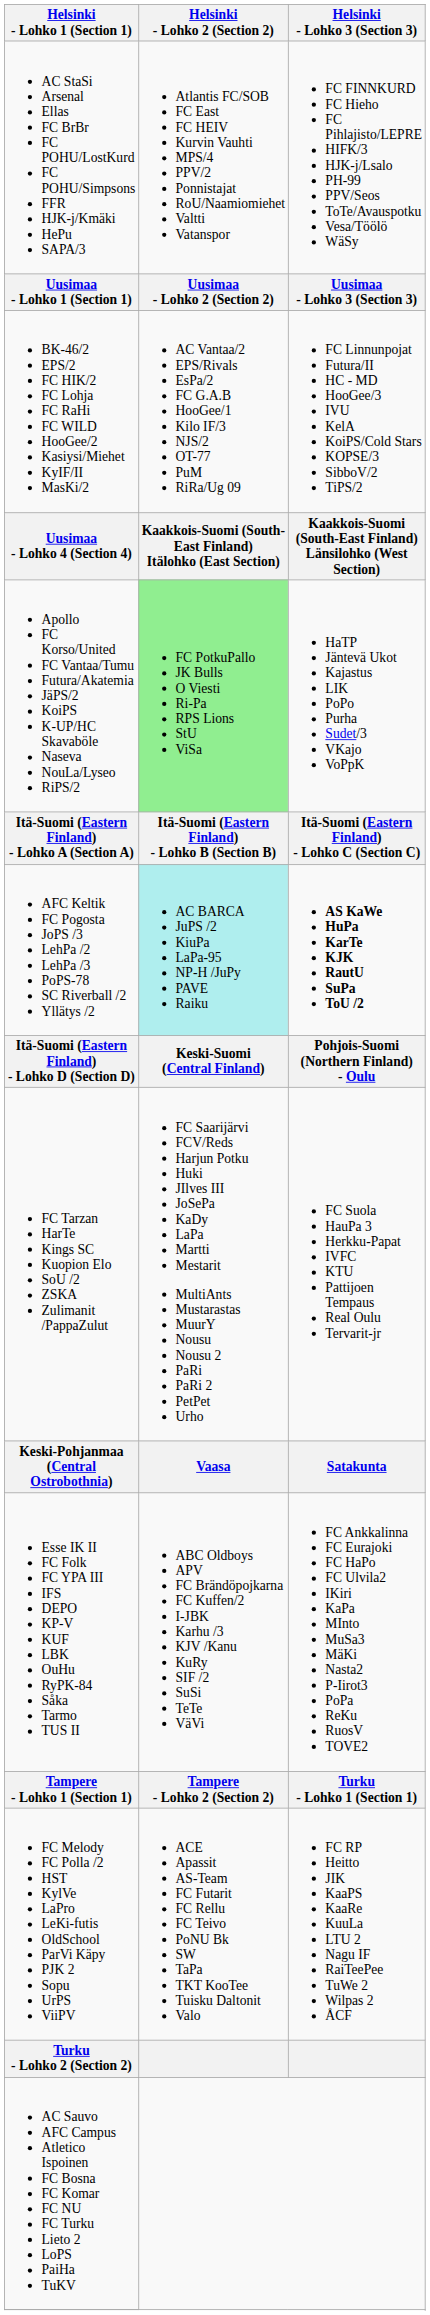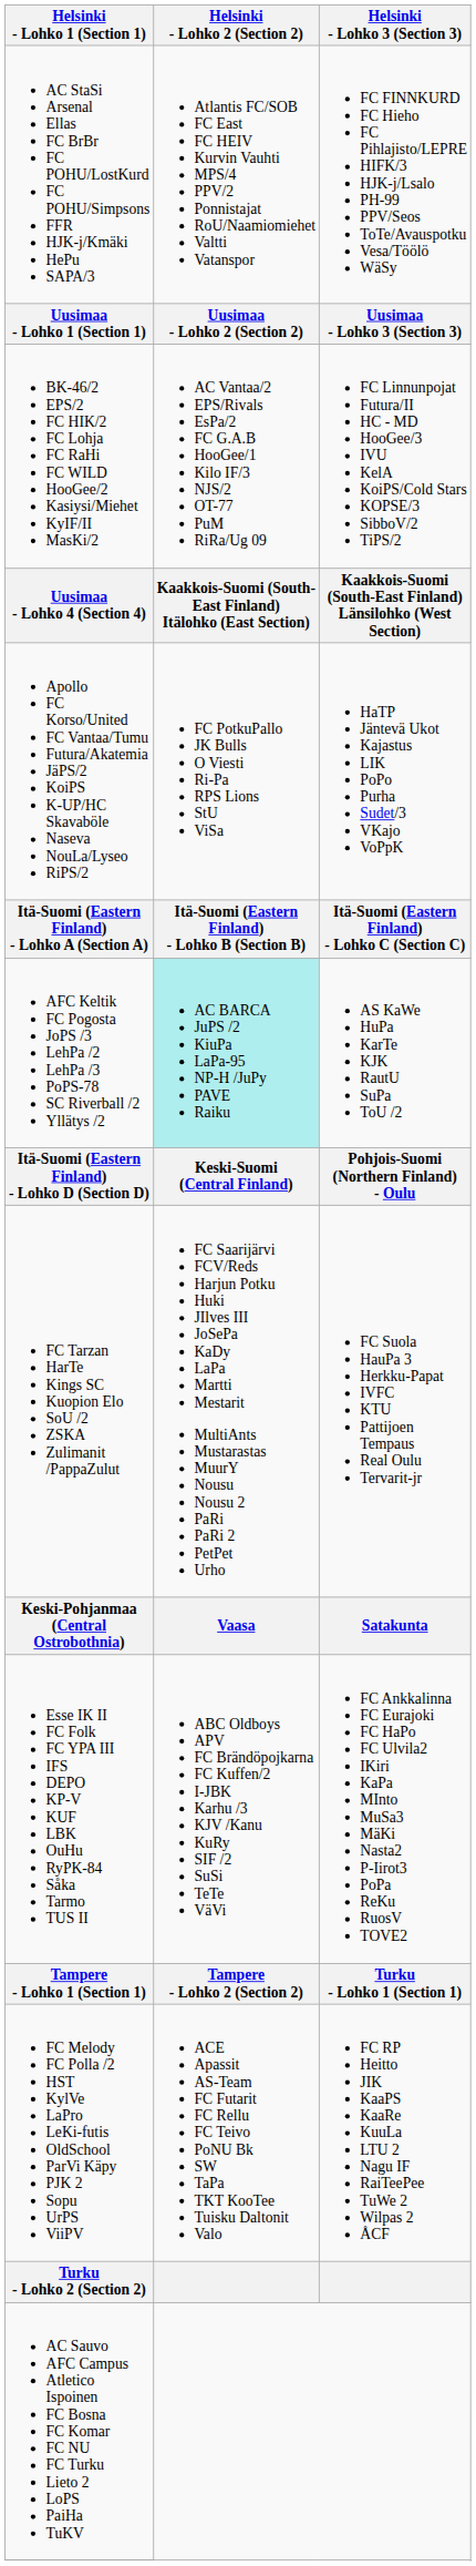 <table class="wikitable" width=24%>
 <tr>
 <th width=33%><strong><a href='#'>Helsinki</a></strong><br><strong> - Lohko 1 (Section 1)</strong></th>
 <th width=33%><strong><a href='#'>Helsinki</a></strong><br><strong> - Lohko 2 (Section 2)</strong></th>
 <th width=33%><strong><a href='#'>Helsinki</a></strong><br><strong> - Lohko 3 (Section 3)</strong></th>
 </tr>
 <tr>
 <td><br><ul><li>AC StaSi</li><li>Arsenal</li><li>Ellas</li><li>FC BrBr</li><li>FC POHU/LostKurd</li><li>FC POHU/Simpsons</li><li>FFR</li><li>HJK-j/Kmäki</li><li>HePu</li><li>SAPA/3</li></ul></td>
 <td><br><ul><li>Atlantis FC/SOB</li><li>FC East</li><li>FC HEIV</li><li>Kurvin Vauhti</li><li>MPS/4</li><li>PPV/2</li><li>Ponnistajat</li><li>RoU/Naamiomiehet</li><li>Valtti</li><li>Vatanspor</li></ul></td>
 <td><br><ul><li>FC FINNKURD</li><li>FC Hieho</li><li>FC Pihlajisto/LEPRE</li><li>HIFK/3</li><li>HJK-j/Lsalo</li><li>PH-99</li><li>PPV/Seos</li><li>ToTe/Avauspotku</li><li>Vesa/Töölö</li><li>WäSy</li></ul></td>
 </tr>
 <tr>
 <th width=33%><strong><a href='#'>Uusimaa</a></strong><br><strong> - Lohko 1 (Section 1)</strong></th>
 <th width=33%><strong><a href='#'>Uusimaa</a></strong><br><strong> - Lohko 2 (Section 2)</strong></th>
 <th width=33%><strong><a href='#'>Uusimaa</a></strong><br><strong> - Lohko 3 (Section 3)</strong></th>
 </tr>
 <tr>
 <td><br><ul><li>BK-46/2</li><li>EPS/2</li><li>FC HIK/2</li><li>FC Lohja</li><li>FC RaHi</li><li>FC WILD</li><li>HooGee/2</li><li>Kasiysi/Miehet</li><li>KyIF/II</li><li>MasKi/2</li></ul></td>
 <td><br><ul><li>AC Vantaa/2</li><li>EPS/Rivals</li><li>EsPa/2</li><li>FC G.A.B</li><li>HooGee/1</li><li>Kilo IF/3</li><li>NJS/2</li><li>OT-77</li><li>PuM</li><li>RiRa/Ug 09</li></ul></td>
 <td><br><ul><li>FC Linnunpojat</li><li>Futura/II</li><li>HC - MD</li><li>HooGee/3</li><li>IVU</li><li>KelA</li><li>KoiPS/Cold Stars</li><li>KOPSE/3</li><li>SibboV/2</li><li>TiPS/2</li></ul></td>
 </tr>
 <tr>
 <th width=33%><strong><a href='#'>Uusimaa</a></strong><br><strong> - Lohko 4 (Section 4)</strong></th>
 <th width=33%><strong>Kaakkois-Suomi (South-East Finland)</strong><br><strong>Itälohko (East Section)</strong></th>
 <th width=33%><strong>Kaakkois-Suomi (South-East Finland)</strong><br><strong>Länsilohko (West Section)</strong></th>
 </tr>
 <tr>
 <td><br><ul><li>Apollo</li><li>FC Korso/United</li><li>FC Vantaa/Tumu</li><li>Futura/Akatemia</li><li>JäPS/2</li><li>KoiPS</li><li>K-UP/HC Skavaböle</li><li>Naseva</li><li>NouLa/Lyseo</li><li>RiPS/2</li></ul></td>
-<td style="background: lightgreen;"><br><ul><li>FC PotkuPallo</li><li>JK Bulls</li><li>O Viesti</li><li>Ri-Pa</li><li>RPS Lions</li><li>StU</li><li>ViSa</li></ul></td>
+<td><br><ul><li>FC PotkuPallo</li><li>JK Bulls</li><li>O Viesti</li><li>Ri-Pa</li><li>RPS Lions</li><li>StU</li><li>ViSa</li></ul></td>
 <td><br><ul><li>HaTP</li><li>Jäntevä Ukot</li><li>Kajastus</li><li>LIK</li><li>PoPo</li><li>Purha</li><li><a href='#'>Sudet</a>/3</li><li>VKajo</li><li>VoPpK</li></ul></td>
 </tr>
 <tr>
 <th width=33%><strong>Itä-Suomi (<a href='#'>Eastern Finland</a>)</strong><br><strong> - Lohko A (Section A)</strong></th>
 <th width=33%><strong>Itä-Suomi (<a href='#'>Eastern Finland</a>)</strong><br><strong> - Lohko B (Section B)</strong></th>
 <th width=33%><strong>Itä-Suomi (<a href='#'>Eastern Finland</a>)</strong><br><strong> - Lohko C (Section C)</strong></th>
 </tr>
 <tr>
 <td><br><ul><li>AFC Keltik</li><li>FC Pogosta</li><li>JoPS /3</li><li>LehPa /2</li><li>LehPa /3</li><li>PoPS-78</li><li>SC Riverball /2</li><li>Yllätys /2</li></ul></td>
 <td style="background: paleturquoise;"><br><ul><li>AC BARCA</li><li>JuPS /2</li><li>KiuPa</li><li>LaPa-95</li><li>NP-H /JuPy</li><li>PAVE</li><li>Raiku</li></ul></td>
-<td><strong><br><ul><li>AS KaWe</li><li>HuPa</li><li>KarTe</li><li>KJK</li><li>RautU</li><li>SuPa</li><li>ToU /2</li></ul></strong></td>
+<td><br><ul><li>AS KaWe</li><li>HuPa</li><li>KarTe</li><li>KJK</li><li>RautU</li><li>SuPa</li><li>ToU /2</li></ul></td>
 </tr>
 <tr>
 <th width=33%><strong>Itä-Suomi (<a href='#'>Eastern Finland</a>)</strong><br><strong> - Lohko D (Section D)</strong></th>
 <th width=33%><strong>Keski-Suomi</strong><br><strong> (<a href='#'>Central Finland</a>)</strong></th>
 <th width=33%><strong>Pohjois-Suomi (Northern Finland)</strong><br><strong> - <a href='#'>Oulu</a></strong></th>
 </tr>
 <tr>
 <td><br><ul><li>FC Tarzan</li><li>HarTe</li><li>Kings SC</li><li>Kuopion Elo</li><li>SoU /2</li><li>ZSKA</li><li>Zulimanit /PappaZulut</li></ul></td>
 <td><br> <ul><li>FC Saarijärvi</li><li>FCV/Reds</li><li>Harjun Potku</li><li>Huki</li><li>JIlves III</li><li>JoSePa</li><li>KaDy</li><li>LaPa</li><li>Martti</li><li>Mestarit</li></ul><ul><li>MultiAnts</li><li>Mustarastas</li><li>MuurY</li><li>Nousu</li><li>Nousu 2</li><li>PaRi</li><li>PaRi 2</li><li>PetPet</li><li>Urho</li></ul> </td>
 <td><br><ul><li>FC Suola</li><li>HauPa 3</li><li>Herkku-Papat</li><li>IVFC</li><li>KTU</li><li>Pattijoen Tempaus</li><li>Real Oulu</li><li>Tervarit-jr</li></ul></td>
 </tr>
 <tr>
 <th width=33%><strong>Keski-Pohjanmaa<br> (<a href='#'>Central Ostrobothnia</a>)</strong></th>
 <th width=33%><strong><a href='#'>Vaasa</a></strong></th>
 <th width=33%><strong><a href='#'>Satakunta</a></strong></th>
 </tr>
 <tr>
 <td><br><ul><li>Esse IK II</li><li>FC Folk</li><li>FC YPA III</li><li>IFS</li><li>DEPO</li><li>KP-V</li><li>KUF</li><li>LBK</li><li>OuHu</li><li>RyPK-84</li><li>Såka</li><li>Tarmo</li><li>TUS II</li></ul></td>
 <td><br><ul><li>ABC Oldboys</li><li>APV</li><li>FC Brändöpojkarna</li><li>FC Kuffen/2</li><li>I-JBK</li><li>Karhu /3</li><li>KJV /Kanu</li><li>KuRy</li><li>SIF /2</li><li>SuSi</li><li>TeTe</li><li>VäVi</li></ul></td>
 <td><br><ul><li>FC Ankkalinna</li><li>FC Eurajoki</li><li>FC HaPo</li><li>FC Ulvila2</li><li>IKiri</li><li>KaPa</li><li>MInto</li><li>MuSa3</li><li>MäKi</li><li>Nasta2</li><li>P-Iirot3</li><li>PoPa</li><li>ReKu</li><li>RuosV</li><li>TOVE2</li></ul></td>
 </tr>
 <tr>
 <th width=33%><strong><a href='#'>Tampere</a></strong><br><strong> - Lohko 1 (Section 1)</strong></th>
 <th width=33%><strong><a href='#'>Tampere</a></strong><br><strong> - Lohko 2 (Section 2)</strong></th>
 <th width=33%><strong><a href='#'>Turku</a></strong><br><strong> - Lohko 1 (Section 1)</strong></th>
 </tr>
 <tr>
 <td><br><ul><li>FC Melody</li><li>FC Polla /2</li><li>HST</li><li>KylVe</li><li>LaPro</li><li>LeKi-futis</li><li>OldSchool</li><li>ParVi Käpy</li><li>PJK 2</li><li>Sopu</li><li>UrPS</li><li>ViiPV</li></ul></td>
 <td><br><ul><li>ACE</li><li>Apassit</li><li>AS-Team</li><li>FC Futarit</li><li>FC Rellu</li><li>FC Teivo</li><li>PoNU Bk</li><li>SW</li><li>TaPa</li><li>TKT KooTee</li><li>Tuisku Daltonit</li><li>Valo</li></ul></td>
 <td><br><ul><li>FC RP</li><li>Heitto</li><li>JIK</li><li>KaaPS</li><li>KaaRe</li><li>KuuLa</li><li>LTU 2</li><li>Nagu IF</li><li>RaiTeePee</li><li>TuWe 2</li><li>Wilpas 2</li><li>ÅCF</li></ul></td>
 </tr>
 <tr>
 <th width=33%><strong><a href='#'>Turku</a></strong><br><strong> - Lohko 2 (Section 2)</strong></th>
 <th width=33%></th>
 <th width=33%></th>
 </tr>
 <tr>
 <td><br><ul><li>AC Sauvo</li><li>AFC Campus</li><li>Atletico Ispoinen</li><li>FC Bosna</li><li>FC Komar</li><li>FC NU</li><li>FC Turku</li><li>Lieto 2</li><li>LoPS</li><li>PaiHa</li><li>TuKV</li></ul></td>
 </tr>
 <tr>
 </tr>
 </table>
